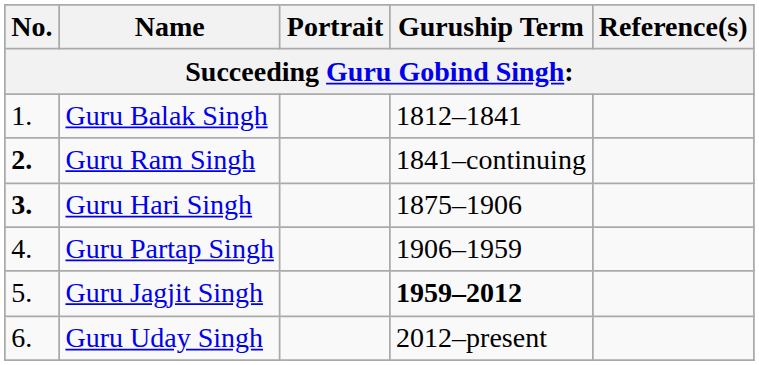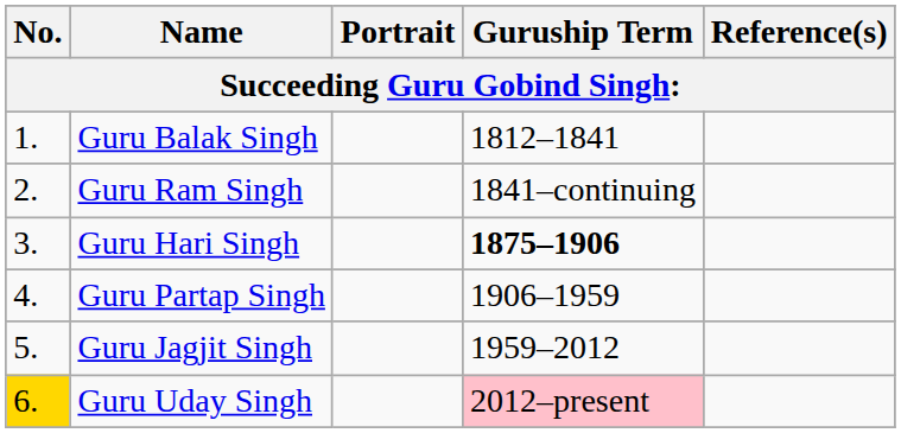 <table class="wikitable">
 <tr>
 <th>No.</th>
 <th>Name<br></th>
 <th>Portrait</th>
 <th>Guruship Term</th>
 <th>Reference(s)</th>
 </tr>
 <tr>
 <th colspan="5">Succeeding <a href='#'>Guru Gobind Singh</a>:</th>
 </tr>
 <tr>
 <td>1.</td>
 <td><a href='#'>Guru Balak Singh</a></td>
 <td></td>
 <td>1812–1841</td>
 <td></td>
 </tr>
 <tr>
-<td><strong>2.</strong></td>
+<td>2.</td>
 <td><a href='#'>Guru Ram Singh</a></td>
 <td></td>
 <td>1841–continuing</td>
 <td></td>
 </tr>
 <tr>
-<td><strong>3.</strong></td>
+<td>3.</td>
 <td><a href='#'>Guru Hari Singh</a><br></td>
 <td></td>
-<td>1875–1906</td>
+<td><strong>1875–1906</strong></td>
 <td></td>
 </tr>
 <tr>
 <td>4.</td>
 <td><a href='#'>Guru Partap Singh</a><br></td>
 <td></td>
 <td>1906–1959</td>
 <td></td>
 </tr>
 <tr>
 <td>5.</td>
 <td><a href='#'>Guru Jagjit Singh</a><br></td>
 <td></td>
-<td><strong>1959–2012</strong></td>
+<td>1959–2012</td>
 <td></td>
 </tr>
 <tr>
-<td>6.</td>
+<td style="background: gold;">6.</td>
 <td><a href='#'>Guru Uday Singh</a></td>
 <td></td>
-<td>2012–present</td>
+<td style="background: pink;">2012–present</td>
 <td></td>
 </tr>
 </table>
